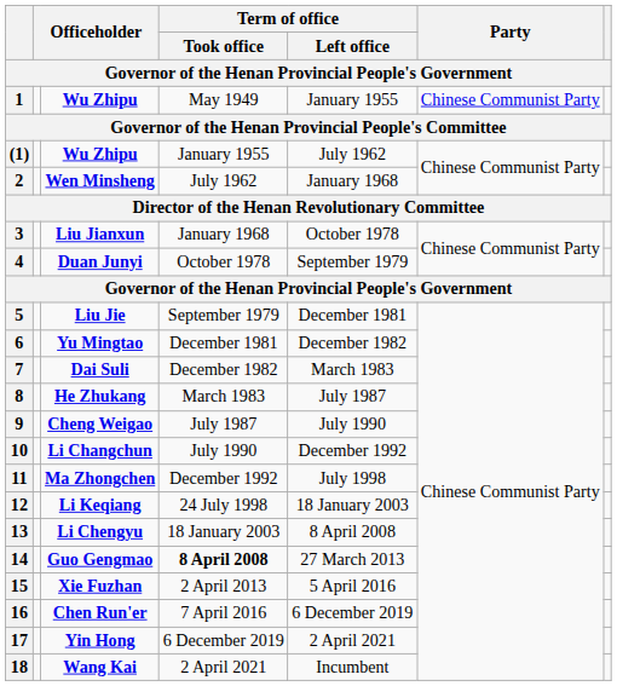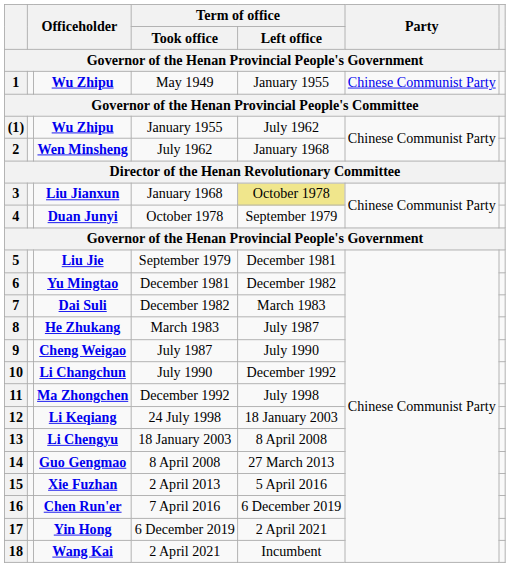 <table class="wikitable" style="text-align:center">
 <tr>
 <th rowspan="2"></th>
 <th colspan="2" rowspan="2">Officeholder</th>
 <th colspan="2">Term of office</th>
 <th rowspan="2">Party</th>
 <th rowspan="2"></th>
 </tr>
 <tr>
 <th>Took office</th>
 <th>Left office</th>
 </tr>
 <tr>
 <th colspan="7">Governor of the Henan Provincial People's Government</th>
 </tr>
 <tr>
 <th>1</th>
 <td></td>
 <td><strong><a href='#'>Wu Zhipu</a></strong><br></td>
 <td>May 1949</td>
 <td>January 1955</td>
 <td><a href='#'>Chinese Communist Party</a></td>
 <td></td>
 </tr>
 <tr>
 <th colspan="7">Governor of the Henan Provincial People's Committee</th>
 </tr>
 <tr>
 <th>(1)</th>
 <td></td>
 <td><a href='#'><strong>Wu Zhipu</strong></a><br></td>
 <td>January 1955</td>
 <td>July 1962</td>
 <td rowspan="2">Chinese Communist Party</td>
 <td></td>
 </tr>
 <tr>
 <th>2</th>
 <td></td>
 <td><strong><a href='#'>Wen Minsheng</a></strong><br></td>
 <td>July 1962</td>
 <td>January 1968</td>
 <td></td>
 </tr>
 <tr>
 <th colspan="7">Director of the Henan Revolutionary Committee</th>
 </tr>
 <tr>
 <th>3</th>
 <td></td>
 <td><strong><a href='#'>Liu Jianxun</a></strong><br></td>
 <td>January 1968</td>
-<td>October 1978</td>
+<td style="background: khaki;">October 1978</td>
 <td rowspan="2">Chinese Communist Party</td>
 <td></td>
 </tr>
 <tr>
 <th>4</th>
 <td></td>
 <td><strong><a href='#'>Duan Junyi</a></strong><br></td>
 <td>October 1978</td>
 <td>September 1979</td>
 <td></td>
 </tr>
 <tr>
 <th colspan="7">Governor of the Henan Provincial People's Government</th>
 </tr>
 <tr>
 <th>5</th>
 <td></td>
 <td><strong><a href='#'>Liu Jie</a></strong><br></td>
 <td>September 1979</td>
 <td>December 1981</td>
 <td rowspan="14">Chinese Communist Party</td>
 <td></td>
 </tr>
 <tr>
 <th>6</th>
 <td></td>
 <td><strong><a href='#'>Yu Mingtao</a></strong><br></td>
 <td>December 1981</td>
 <td>December 1982</td>
 <td></td>
 </tr>
 <tr>
 <th>7</th>
 <td></td>
 <td><strong><a href='#'>Dai Suli</a></strong><br></td>
 <td>December 1982</td>
 <td>March 1983</td>
 <td></td>
 </tr>
 <tr>
 <th>8</th>
 <td></td>
 <td><strong><a href='#'>He Zhukang</a></strong><br></td>
 <td>March 1983</td>
 <td>July 1987</td>
 <td></td>
 </tr>
 <tr>
 <th>9</th>
 <td></td>
 <td><strong><a href='#'>Cheng Weigao</a></strong><br></td>
 <td>July 1987</td>
 <td>July 1990</td>
 <td></td>
 </tr>
 <tr>
 <th>10</th>
 <td></td>
 <td><strong><a href='#'>Li Changchun</a></strong><br></td>
 <td>July 1990</td>
 <td>December 1992</td>
 <td></td>
 </tr>
 <tr>
 <th>11</th>
 <td></td>
 <td><strong><a href='#'>Ma Zhongchen</a></strong><br></td>
 <td>December 1992</td>
 <td>July 1998</td>
 <td></td>
 </tr>
 <tr>
 <th>12</th>
 <td></td>
 <td><strong><a href='#'>Li Keqiang</a></strong><br></td>
 <td>24 July 1998</td>
 <td>18 January 2003</td>
 <td></td>
 </tr>
 <tr>
 <th>13</th>
 <td></td>
 <td><strong><a href='#'>Li Chengyu</a></strong><br></td>
 <td>18 January 2003</td>
 <td>8 April 2008</td>
 <td></td>
 </tr>
 <tr>
 <th>14</th>
 <td></td>
 <td><strong><a href='#'>Guo Gengmao</a></strong><br></td>
-<td><strong>8 April 2008</strong></td>
+<td>8 April 2008</td>
 <td>27 March 2013</td>
 <td></td>
 </tr>
 <tr>
 <th>15</th>
 <td></td>
 <td><strong><a href='#'>Xie Fuzhan</a></strong><br></td>
 <td>2 April 2013</td>
 <td>5 April 2016</td>
 <td></td>
 </tr>
 <tr>
 <th>16</th>
 <td></td>
 <td><strong><a href='#'>Chen Run'er</a></strong><br></td>
 <td>7 April 2016</td>
 <td>6 December 2019</td>
 <td></td>
 </tr>
 <tr>
 <th>17</th>
 <td></td>
 <td><strong><a href='#'>Yin Hong</a></strong><br></td>
 <td>6 December 2019</td>
 <td>2 April 2021</td>
 <td></td>
 </tr>
 <tr>
 <th>18</th>
 <td></td>
 <td><strong><a href='#'>Wang Kai</a></strong><br></td>
 <td>2 April 2021</td>
 <td>Incumbent</td>
 <td></td>
 </tr>
 </table>
